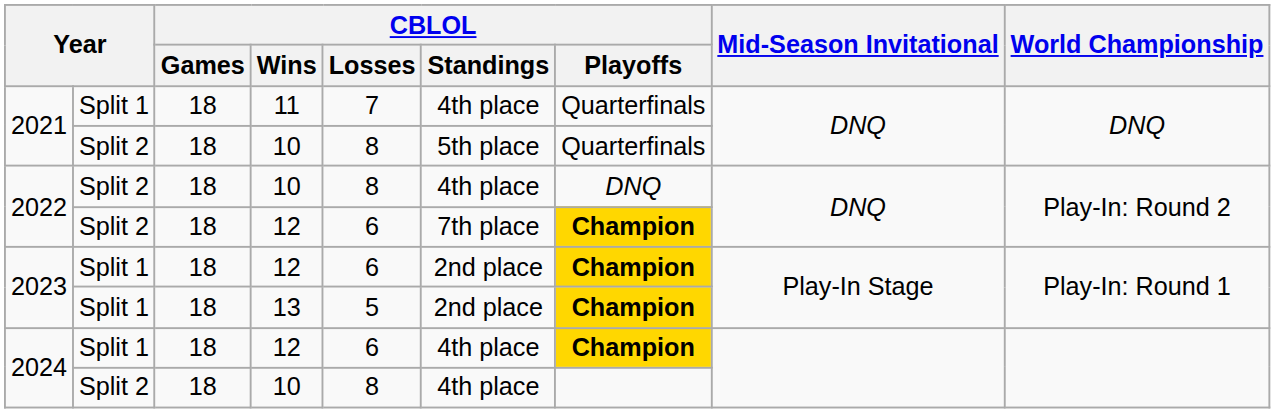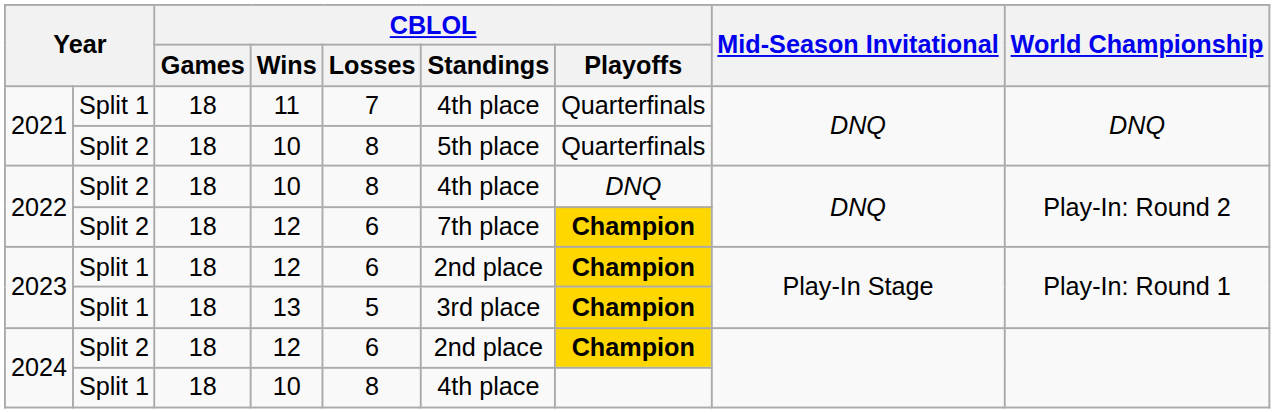 <table class="wikitable" style="text-align:center; font-size:smaller">
 <tr>
 <th rowspan="2" colspan="2">Year</th>
 <th colspan="5"><a href='#'>CBLOL</a></th>
 <th rowspan="2"><a href='#'>Mid-Season Invitational</a></th>
 <th rowspan="2"><a href='#'>World Championship</a></th>
 </tr>
 <tr>
 <th>Games</th>
 <th>Wins</th>
 <th>Losses</th>
 <th>Standings</th>
 <th>Playoffs</th>
 </tr>
 <tr>
 <td rowspan="2">2021</td>
 <td>Split 1</td>
 <td>18</td>
 <td>11</td>
 <td>7</td>
 <td>4th place</td>
 <td>Quarterfinals</td>
 <td rowspan="2"><em>DNQ</em></td>
 <td rowspan="2"><em>DNQ</em></td>
 </tr>
 <tr>
 <td>Split 2</td>
 <td>18</td>
 <td>10</td>
 <td>8</td>
 <td>5th place</td>
 <td>Quarterfinals</td>
 </tr>
 <tr>
 <td rowspan="2">2022</td>
 <td>Split 2</td>
 <td>18</td>
 <td>10</td>
 <td>8</td>
 <td>4th place</td>
 <td><em>DNQ</em></td>
 <td rowspan="2"><em>DNQ</em></td>
 <td rowspan="2">Play-In: Round 2</td>
 </tr>
 <tr>
 <td>Split 2</td>
 <td>18</td>
 <td>12</td>
 <td>6</td>
 <td>7th place</td>
 <td bgcolor=gold><strong>Champion</strong></td>
 </tr>
 <tr>
 <td rowspan="2">2023</td>
 <td>Split 1</td>
 <td>18</td>
 <td>12</td>
 <td>6</td>
 <td>2nd place</td>
 <td bgcolor=gold><strong>Champion</strong></td>
 <td rowspan="2">Play-In Stage</td>
 <td rowspan="2">Play-In: Round 1</td>
 </tr>
 <tr>
 <td>Split 1</td>
 <td>18</td>
 <td>13</td>
 <td>5</td>
-<td>2nd place</td>
+<td>3rd place</td>
 <td bgcolor=gold><strong>Champion</strong></td>
 </tr>
 <tr>
 <td rowspan="2">2024</td>
-<td>Split 1</td>
+<td>Split 2</td>
 <td>18</td>
 <td>12</td>
 <td>6</td>
-<td>4th place</td>
+<td>2nd place</td>
 <td bgcolor=gold><strong>Champion</strong></td>
 <td rowspan="2"></td>
 <td rowspan="2"></td>
 </tr>
 <tr>
-<td>Split 2</td>
+<td>Split 1</td>
 <td>18</td>
 <td>10</td>
 <td>8</td>
 <td>4th place</td>
 <td></td>
 </tr>
 </table>
